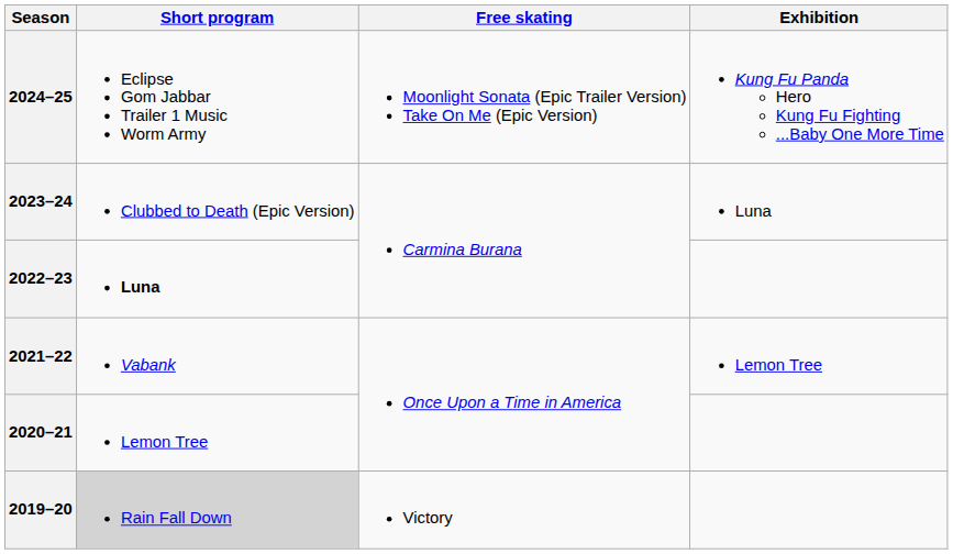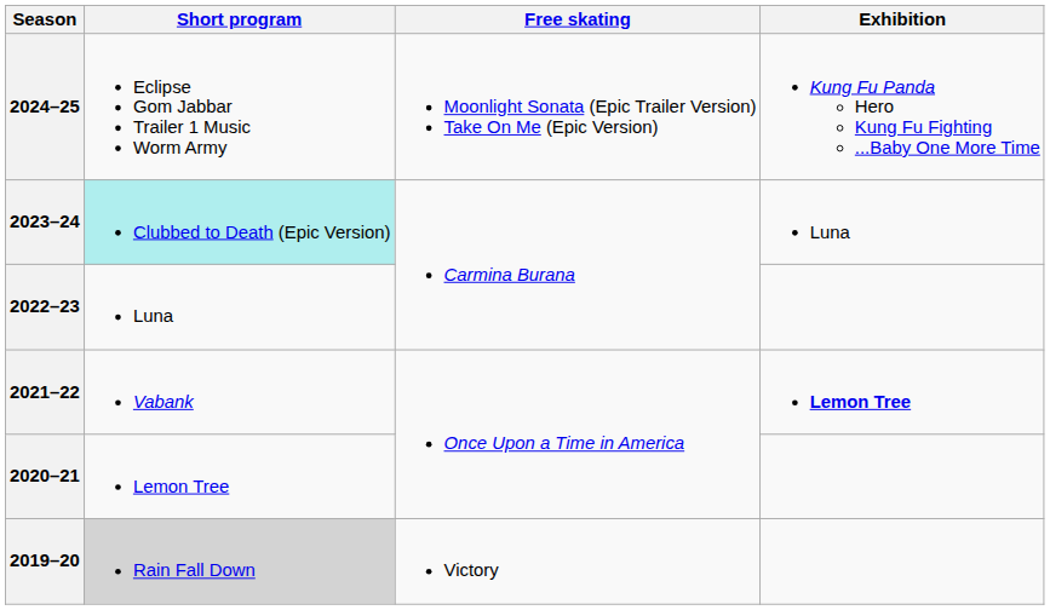 <table class="wikitable">
 <tr>
 <th>Season</th>
 <th><a href='#'>Short program</a></th>
 <th><a href='#'>Free skating</a></th>
 <th>Exhibition</th>
 </tr>
 <tr>
 <th>2024–25 <br> </th>
 <td><br><ul><li>Eclipse <br> </li><li>Gom Jabbar <br> </li><li>Trailer 1 Music <br> </li><li>Worm Army <br></li></ul></td>
 <td><br><ul><li><a href='#'>Moonlight Sonata</a> (Epic Trailer Version) <br> </li><li><a href='#'>Take On Me</a> (Epic Version) <br> </li></ul></td>
 <td><br><ul><li><em><a href='#'>Kung Fu Panda</a></em><ul><li>Hero <br></li><li><a href='#'>Kung Fu Fighting</a> <br></li><li><a href='#'>...Baby One More Time</a> <br></li></ul></li></ul></td>
 </tr>
 <tr>
 <th>2023–24 <br> </th>
-<td><br><ul><li><a href='#'>Clubbed to Death</a> (Epic Version) <br> </li></ul></td>
+<td style="background: paleturquoise;"><br><ul><li><a href='#'>Clubbed to Death</a> (Epic Version) <br> </li></ul></td>
 <td rowspan=2><br><ul><li><em><a href='#'>Carmina Burana</a></em> <br> </li></ul></td>
 <td><br><ul><li>Luna <br> </li></ul></td>
 </tr>
 <tr>
 <th>2022–23 <br> </th>
-<td><strong><br><ul><li>Luna <br> </li></ul></strong></td>
+<td><br><ul><li>Luna <br> </li></ul></td>
 </tr>
 <tr>
 <th>2021–22 <br> </th>
 <td><br><ul><li><em><a href='#'>Vabank</a></em> <br> </li></ul></td>
 <td rowspan=2><br><ul><li><em><a href='#'>Once Upon a Time in America</a></em> <br> </li></ul></td>
-<td><br><ul><li><a href='#'>Lemon Tree</a> <br> </li></ul></td>
+<td><strong><br><ul><li><a href='#'>Lemon Tree</a> <br> </li></ul></strong></td>
 </tr>
 <tr>
 <th>2020–21<br></th>
 <td><br><ul><li><a href='#'>Lemon Tree</a> <br> </li></ul></td>
 </tr>
 <tr>
 <th>2019–20<br></th>
 <td style="background: lightgrey;"><br><ul><li><a href='#'>Rain Fall Down</a><br></li></ul></td>
 <td><br><ul><li>Victory<br></li></ul></td>
 <td></td>
 </tr>
 </table>
